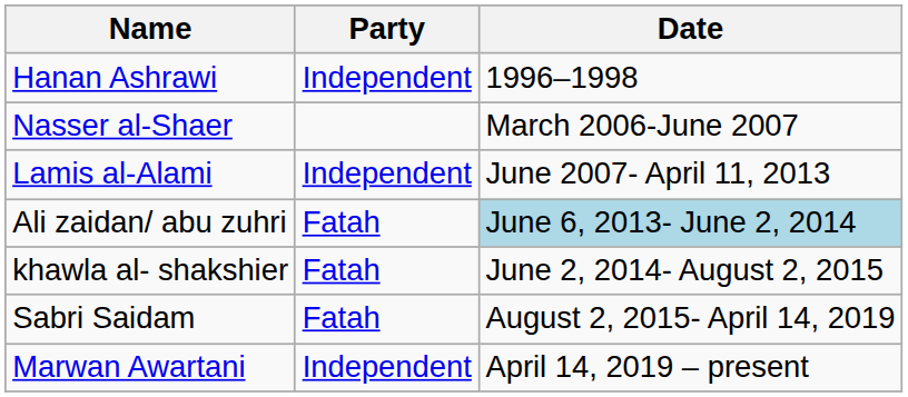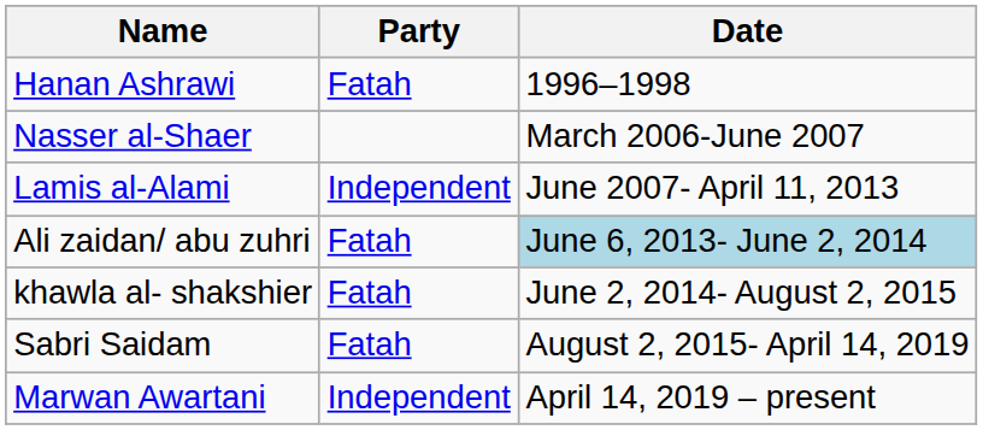 <table class="wikitable">
 <tr>
 <th>Name</th>
 <th>Party</th>
 <th>Date</th>
 </tr>
 <tr>
 <td><a href='#'>Hanan Ashrawi</a></td>
-<td style="background:"><a href='#'>Independent</a></td>
+<td style="background:"><a href='#'>Fatah</a></td>
 <td>1996–1998</td>
 </tr>
 <tr>
 <td><a href='#'>Nasser al-Shaer</a></td>
 <td style="background:"><a href='#'></a></td>
 <td>March 2006-June 2007</td>
 </tr>
 <tr>
 <td><a href='#'>Lamis al-Alami</a></td>
 <td style="background:"><a href='#'>Independent</a></td>
 <td>June 2007- April 11, 2013</td>
 </tr>
 <tr>
 <td>Ali zaidan/ abu zuhri</td>
 <td style="background:"><a href='#'>Fatah</a></td>
 <td style="background: lightblue;">June 6, 2013- June 2, 2014</td>
 </tr>
 <tr>
 <td>khawla al- shakshier</td>
 <td style="background:"><a href='#'>Fatah</a></td>
 <td>June 2, 2014- August 2, 2015</td>
 </tr>
 <tr>
 <td>Sabri Saidam</td>
 <td style="background:"><a href='#'>Fatah</a></td>
 <td>August 2, 2015- April 14, 2019 </td>
 </tr>
 <tr>
 <td><a href='#'>Marwan Awartani</a></td>
 <td style="background:"><a href='#'>Independent</a></td>
 <td>April 14, 2019 – present</td>
 </tr>
 </table>
